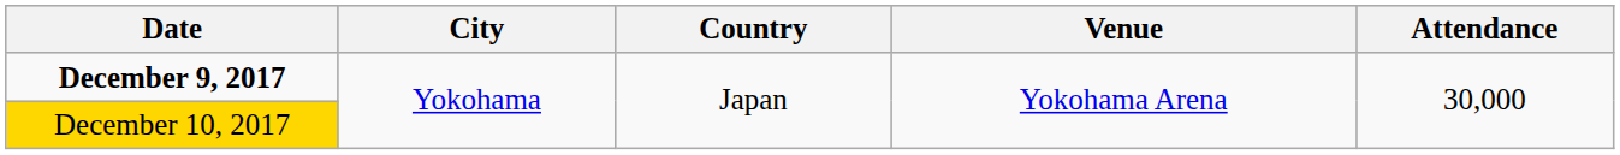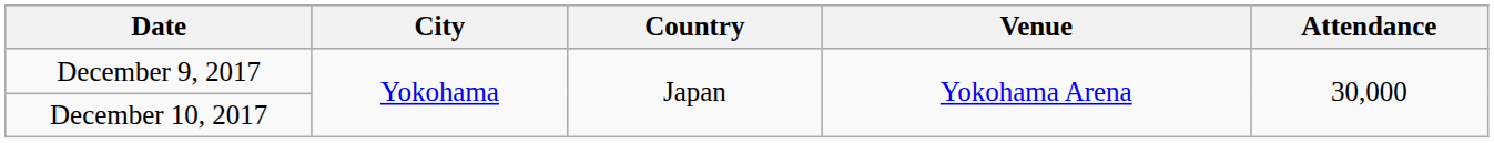 <table class="wikitable" style="text-align:center;">
 <tr>
 <th width="170">Date</th>
 <th width="140">City</th>
 <th width="140">Country</th>
 <th width="240">Venue</th>
 <th width="130">Attendance</th>
 </tr>
 <tr>
-<td><strong>December 9, 2017</strong></td>
+<td>December 9, 2017</td>
 <td rowspan="2"><a href='#'>Yokohama</a></td>
 <td rowspan="2">Japan</td>
 <td rowspan="2"><a href='#'>Yokohama Arena</a></td>
 <td rowspan="2">30,000</td>
 </tr>
 <tr>
-<td style="background: gold;">December 10, 2017</td>
+<td>December 10, 2017</td>
 </tr>
 </table>
